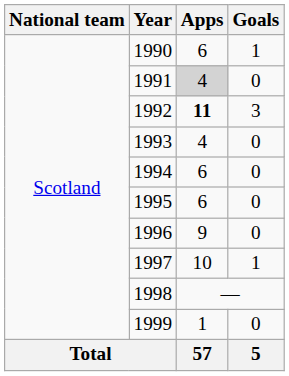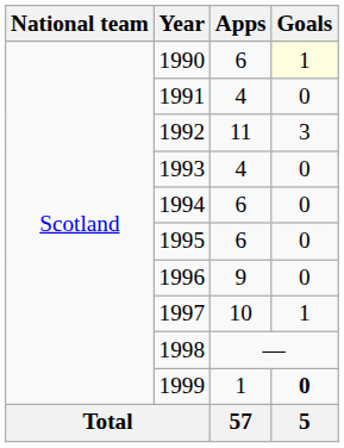 <table class="wikitable" style="text-align:center">
 <tr>
 <th>National team</th>
 <th>Year</th>
 <th>Apps</th>
 <th>Goals</th>
 </tr>
 <tr>
 <td rowspan="10"><a href='#'>Scotland</a></td>
 <td>1990</td>
 <td>6</td>
-<td>1</td>
+<td style="background: lightyellow;">1</td>
 </tr>
 <tr>
 <td>1991</td>
-<td style="background: lightgrey;">4</td>
+<td>4</td>
 <td>0</td>
 </tr>
 <tr>
 <td>1992</td>
-<td><strong>11</strong></td>
+<td>11</td>
 <td>3</td>
 </tr>
 <tr>
 <td>1993</td>
 <td>4</td>
 <td>0</td>
 </tr>
 <tr>
 <td>1994</td>
 <td>6</td>
 <td>0</td>
 </tr>
 <tr>
 <td>1995</td>
 <td>6</td>
 <td>0</td>
 </tr>
 <tr>
 <td>1996</td>
 <td>9</td>
 <td>0</td>
 </tr>
 <tr>
 <td>1997</td>
 <td>10</td>
 <td>1</td>
 </tr>
 <tr>
 <td>1998</td>
 <td colspan="2">—</td>
 </tr>
 <tr>
 <td>1999</td>
 <td>1</td>
-<td>0</td>
+<td><strong>0</strong></td>
 </tr>
 <tr>
 <th colspan="2">Total</th>
 <th>57</th>
 <th>5</th>
 </tr>
 </table>
